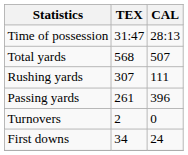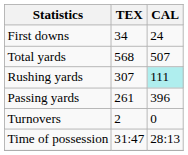 <table class="wikitable">
 <tr>
 <th>Statistics</th>
 <th>TEX</th>
 <th>CAL</th>
 </tr>
 <tr>
-<td>Time of possession</td>
-<td>31:47</td>
-<td>28:13</td>
+<td>First downs</td>
+<td>34</td>
+<td>24</td>
 </tr>
 <tr>
 <td>Total yards</td>
 <td>568</td>
 <td>507</td>
 </tr>
 <tr>
 <td>Rushing yards</td>
 <td>307</td>
-<td>111</td>
+<td style="background: paleturquoise;">111</td>
 </tr>
 <tr>
 <td>Passing yards</td>
 <td>261</td>
 <td>396</td>
 </tr>
 <tr>
 <td>Turnovers</td>
 <td>2</td>
 <td>0</td>
 </tr>
 <tr>
-<td>First downs</td>
-<td>34</td>
-<td>24</td>
+<td>Time of possession</td>
+<td>31:47</td>
+<td>28:13</td>
 </tr>
 <tr>
 </tr>
 </table>
